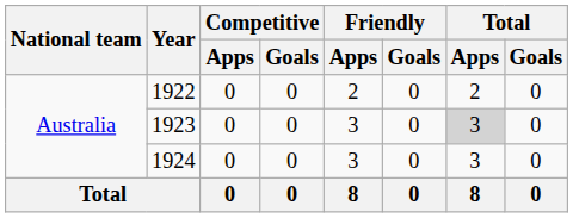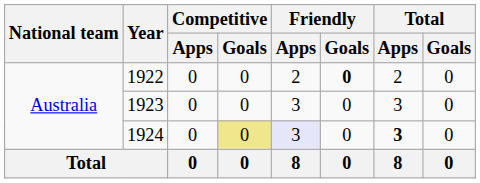 <table class="wikitable" style="text-align:center">
 <tr>
 <th rowspan="2">National team</th>
 <th rowspan="2">Year</th>
 <th colspan="2">Competitive</th>
 <th colspan="2">Friendly</th>
 <th colspan="2">Total</th>
 </tr>
 <tr>
 <th>Apps</th>
 <th>Goals</th>
 <th>Apps</th>
 <th>Goals</th>
 <th>Apps</th>
 <th>Goals</th>
 </tr>
 <tr>
 <td rowspan="3"><a href='#'>Australia</a></td>
 <td>1922</td>
 <td>0</td>
 <td>0</td>
 <td>2</td>
-<td>0</td>
+<td><strong>0</strong></td>
 <td>2</td>
 <td>0</td>
 </tr>
 <tr>
 <td>1923</td>
 <td>0</td>
 <td>0</td>
 <td>3</td>
 <td>0</td>
-<td style="background: lightgrey;">3</td>
+<td>3</td>
 <td>0</td>
 </tr>
 <tr>
 <td>1924</td>
 <td>0</td>
+<td style="background: khaki;">0</td>
+<td style="background: lavender;">3</td>
 <td>0</td>
-<td>3</td>
-<td>0</td>
-<td>3</td>
+<td><strong>3</strong></td>
 <td>0</td>
 </tr>
 <tr>
 <th colspan="2">Total</th>
 <th>0</th>
 <th>0</th>
 <th>8</th>
 <th>0</th>
 <th>8</th>
 <th>0</th>
 </tr>
 </table>
